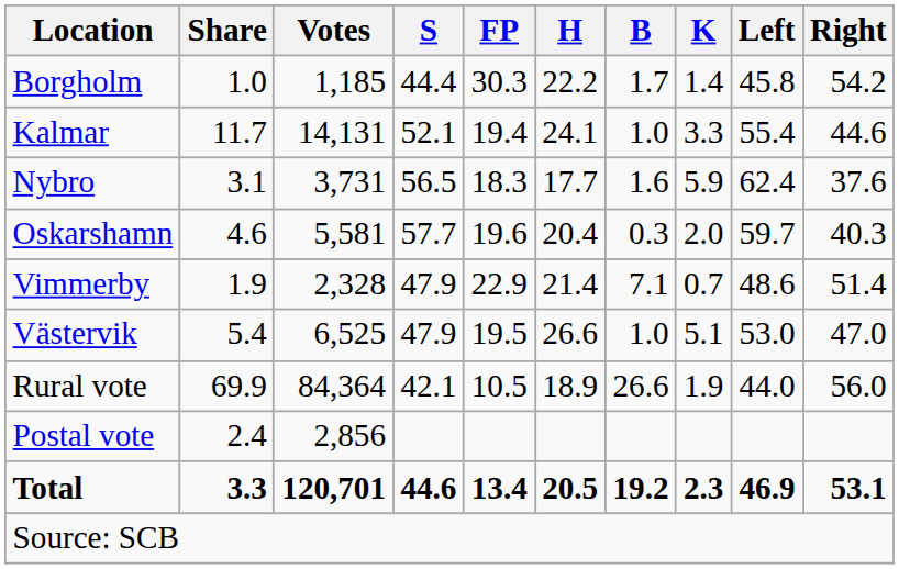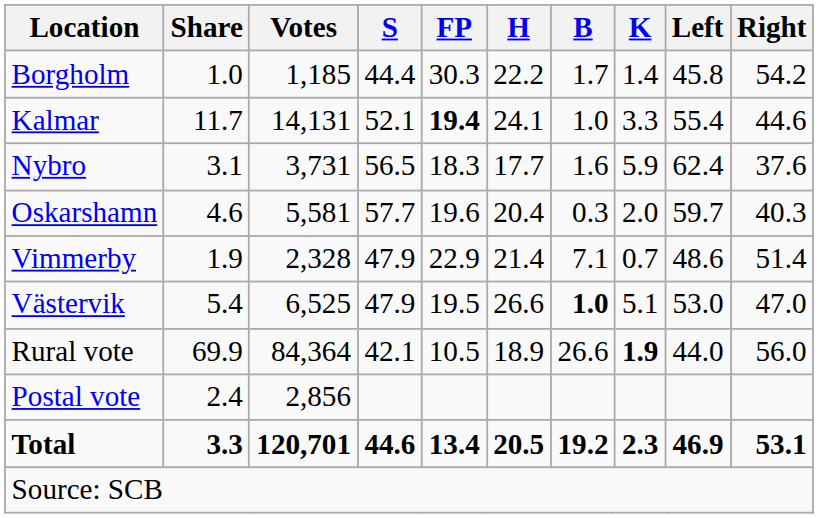 <table class="wikitable sortable" style=text-align:right>
 <tr>
 <th>Location</th>
 <th>Share</th>
 <th>Votes</th>
 <th><a href='#'>S</a></th>
 <th><a href='#'>FP</a></th>
 <th><a href='#'>H</a></th>
 <th><a href='#'>B</a></th>
 <th><a href='#'>K</a></th>
 <th>Left</th>
 <th>Right</th>
 </tr>
 <tr>
 <td align=left><a href='#'>Borgholm</a></td>
 <td>1.0</td>
 <td>1,185</td>
 <td>44.4</td>
 <td>30.3</td>
 <td>22.2</td>
 <td>1.7</td>
 <td>1.4</td>
 <td>45.8</td>
 <td>54.2</td>
 </tr>
 <tr>
 <td align=left><a href='#'>Kalmar</a></td>
 <td>11.7</td>
 <td>14,131</td>
 <td>52.1</td>
-<td>19.4</td>
+<td><strong>19.4</strong></td>
 <td>24.1</td>
 <td>1.0</td>
 <td>3.3</td>
 <td>55.4</td>
 <td>44.6</td>
 </tr>
 <tr>
 <td align=left><a href='#'>Nybro</a></td>
 <td>3.1</td>
 <td>3,731</td>
 <td>56.5</td>
 <td>18.3</td>
 <td>17.7</td>
 <td>1.6</td>
 <td>5.9</td>
 <td>62.4</td>
 <td>37.6</td>
 </tr>
 <tr>
 <td align=left><a href='#'>Oskarshamn</a></td>
 <td>4.6</td>
 <td>5,581</td>
 <td>57.7</td>
 <td>19.6</td>
 <td>20.4</td>
 <td>0.3</td>
 <td>2.0</td>
 <td>59.7</td>
 <td>40.3</td>
 </tr>
 <tr>
 <td align=left><a href='#'>Vimmerby</a></td>
 <td>1.9</td>
 <td>2,328</td>
 <td>47.9</td>
 <td>22.9</td>
 <td>21.4</td>
 <td>7.1</td>
 <td>0.7</td>
 <td>48.6</td>
 <td>51.4</td>
 </tr>
 <tr>
 <td align=left><a href='#'>Västervik</a></td>
 <td>5.4</td>
 <td>6,525</td>
 <td>47.9</td>
 <td>19.5</td>
 <td>26.6</td>
-<td>1.0</td>
+<td><strong>1.0</strong></td>
 <td>5.1</td>
 <td>53.0</td>
 <td>47.0</td>
 </tr>
 <tr>
 <td align=left>Rural vote</td>
 <td>69.9</td>
 <td>84,364</td>
 <td>42.1</td>
 <td>10.5</td>
 <td>18.9</td>
 <td>26.6</td>
-<td>1.9</td>
+<td><strong>1.9</strong></td>
 <td>44.0</td>
 <td>56.0</td>
 </tr>
 <tr>
 <td align=left><a href='#'>Postal vote</a></td>
 <td>2.4</td>
 <td>2,856</td>
 <td></td>
 <td></td>
 <td></td>
 <td></td>
 <td></td>
 <td></td>
 <td></td>
 </tr>
 <tr>
 <td align=left><strong>Total</strong></td>
 <td><strong>3.3</strong></td>
 <td><strong>120,701</strong></td>
 <td><strong>44.6</strong></td>
 <td><strong>13.4</strong></td>
 <td><strong>20.5</strong></td>
 <td><strong>19.2</strong></td>
 <td><strong>2.3</strong></td>
 <td><strong>46.9</strong></td>
 <td><strong>53.1</strong></td>
 </tr>
 <tr>
 <td align=left colspan=10>Source: SCB </td>
 </tr>
 </table>
